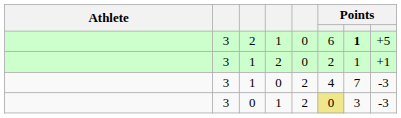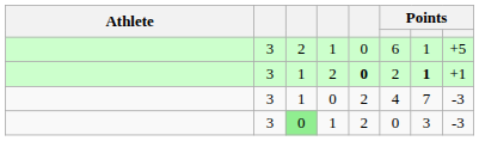 <table class="wikitable" style="text-align: center; font-size:100% ">
 <tr>
 <th rowspan=2 width=250>Athlete</th>
 <th rowspan=2 width=25></th>
 <th rowspan=2 width=25></th>
 <th rowspan=2 width=25></th>
 <th rowspan=2 width=25></th>
 <th colspan=3>Points</th>
 </tr>
 <tr>
 <th width=25></th>
 <th width=25></th>
 <th width=25></th>
 </tr>
 <tr bgcolor="ccffcc">
 <td align=left></td>
 <td>3</td>
 <td>2</td>
 <td>1</td>
 <td>0</td>
 <td>6</td>
-<td><strong>1</strong></td>
+<td>1</td>
 <td>+5</td>
 </tr>
 <tr bgcolor="ccffcc">
 <td align=left></td>
 <td>3</td>
 <td>1</td>
 <td>2</td>
-<td>0</td>
+<td><strong>0</strong></td>
 <td>2</td>
-<td>1</td>
+<td><strong>1</strong></td>
 <td>+1</td>
 </tr>
 <tr>
 <td align=left></td>
 <td>3</td>
 <td>1</td>
 <td>0</td>
 <td>2</td>
 <td>4</td>
 <td>7</td>
 <td>-3</td>
 </tr>
 <tr>
 <td align=left></td>
 <td>3</td>
-<td>0</td>
+<td style="background: lightgreen;">0</td>
 <td>1</td>
 <td>2</td>
-<td style="background: khaki;">0</td>
+<td>0</td>
 <td>3</td>
 <td>-3</td>
 </tr>
 </table>
